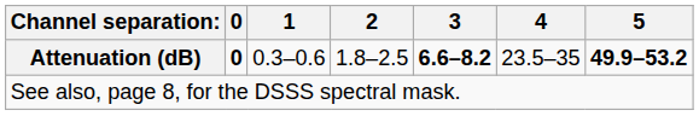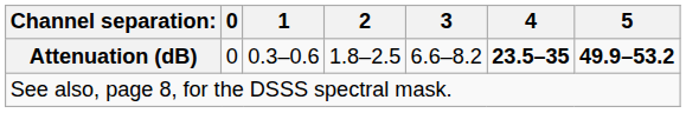 <table class="wikitable">
 <tr>
 <th>Channel separation:</th>
 <th>0</th>
 <th>1</th>
 <th>2</th>
 <th>3</th>
 <th>4</th>
 <th>5</th>
 </tr>
 <tr>
 <th>Attenuation (dB)</th>
-<td><strong>0</strong></td>
+<td>0</td>
 <td>0.3–0.6</td>
 <td>1.8–2.5</td>
-<td><strong>6.6–8.2</strong></td>
-<td>23.5–35</td>
+<td>6.6–8.2</td>
+<td><strong>23.5–35</strong></td>
 <td><strong>49.9–53.2</strong></td>
 </tr>
 <tr>
 <td colspan=7>See also, page 8, for the DSSS spectral mask.</td>
 </tr>
 </table>
